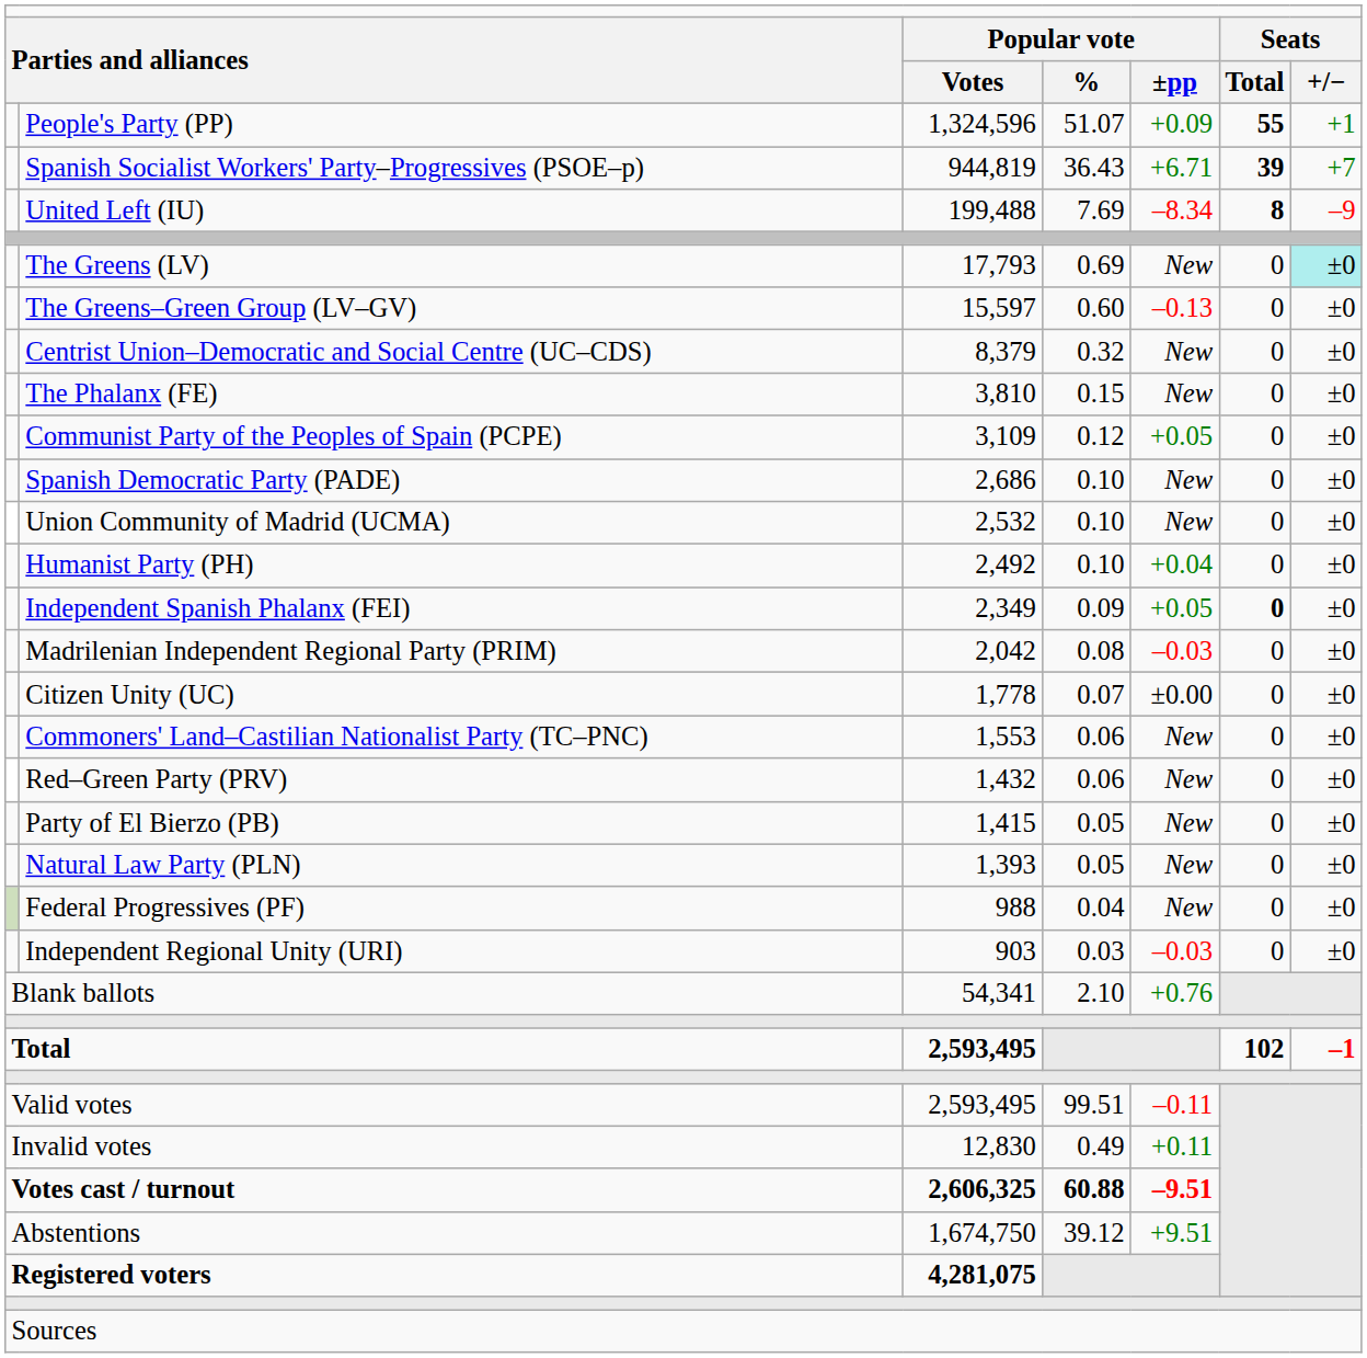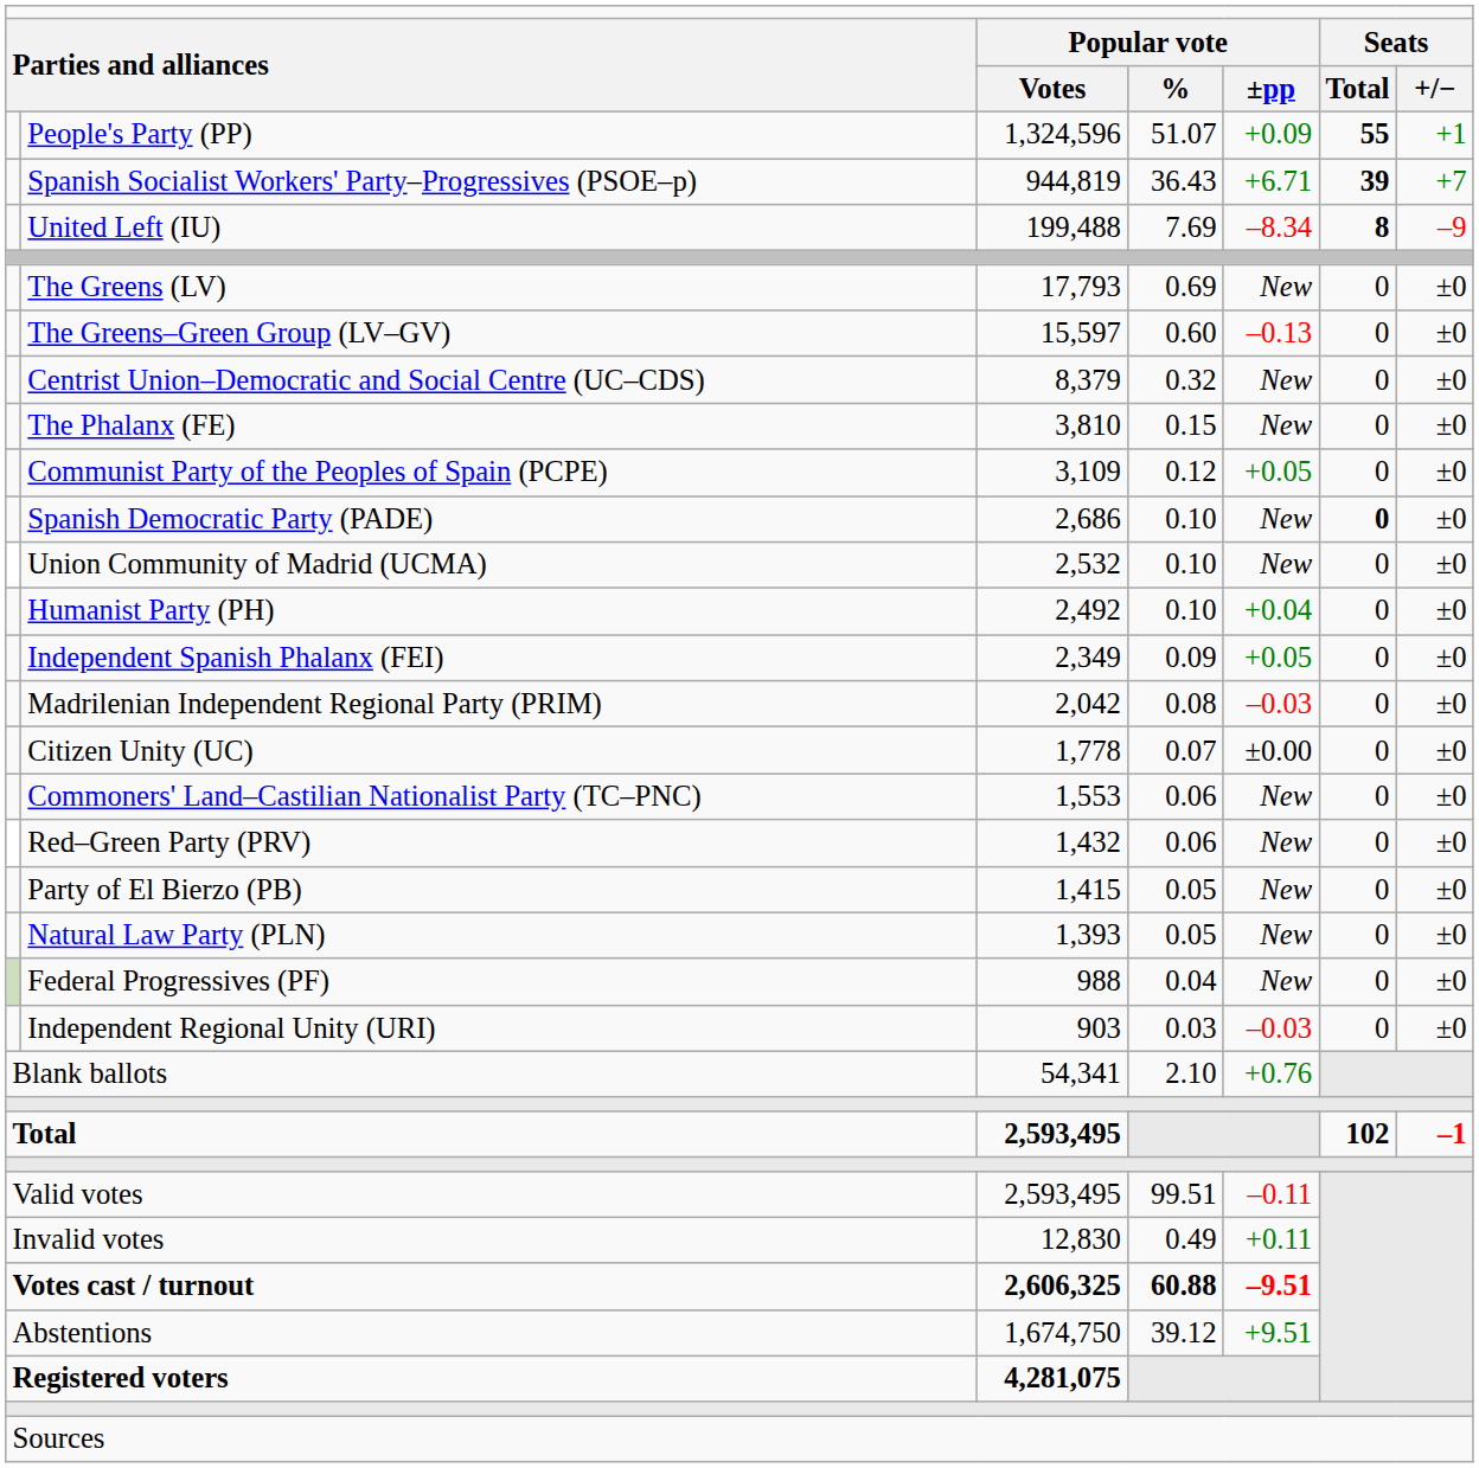 <table class="wikitable" style="text-align:right;">
 <tr>
 <td colspan="7"></td>
 </tr>
 <tr>
 <th style="text-align:left;" rowspan="2" colspan="2" width="525">Parties and alliances</th>
 <th colspan="3">Popular vote</th>
 <th colspan="2">Seats</th>
 </tr>
 <tr>
 <th width="75">Votes</th>
 <th width="45">%</th>
 <th width="45">±<a href='#'>pp</a></th>
 <th width="35">Total</th>
 <th width="35">+/−</th>
 </tr>
 <tr>
 <td width="1" style="color:inherit;background:"></td>
 <td align="left"><a href='#'>People's Party</a> (PP)</td>
 <td>1,324,596</td>
 <td>51.07</td>
 <td style="color:green;">+0.09</td>
 <td><strong>55</strong></td>
 <td style="color:green;">+1</td>
 </tr>
 <tr>
 <td style="color:inherit;background:"></td>
 <td align="left"><a href='#'>Spanish Socialist Workers' Party</a>–<a href='#'>Progressives</a> (PSOE–p)</td>
 <td>944,819</td>
 <td>36.43</td>
 <td style="color:green;">+6.71</td>
 <td><strong>39</strong></td>
 <td style="color:green;">+7</td>
 </tr>
 <tr>
 <td style="color:inherit;background:"></td>
 <td align="left"><a href='#'>United Left</a> (IU)</td>
 <td>199,488</td>
 <td>7.69</td>
 <td style="color:red;">–8.34</td>
 <td><strong>8</strong></td>
 <td style="color:red;">–9</td>
 </tr>
 <tr>
 <td colspan="7" bgcolor="#C0C0C0"></td>
 </tr>
 <tr>
 <td style="color:inherit;background:"></td>
 <td align="left"><a href='#'>The Greens</a> (LV)</td>
 <td>17,793</td>
 <td>0.69</td>
 <td><em>New</em></td>
 <td>0</td>
-<td style="background: paleturquoise;">±0</td>
+<td>±0</td>
 </tr>
 <tr>
 <td style="color:inherit;background:"></td>
 <td align="left"><a href='#'>The Greens–Green Group</a> (LV–GV)</td>
 <td>15,597</td>
 <td>0.60</td>
 <td style="color:red;">–0.13</td>
 <td>0</td>
 <td>±0</td>
 </tr>
 <tr>
 <td style="color:inherit;background:"></td>
 <td align="left"><a href='#'>Centrist Union–Democratic and Social Centre</a> (UC–CDS)</td>
 <td>8,379</td>
 <td>0.32</td>
 <td><em>New</em></td>
 <td>0</td>
 <td>±0</td>
 </tr>
 <tr>
 <td style="color:inherit;background:"></td>
 <td align="left"><a href='#'>The Phalanx</a> (FE)</td>
 <td>3,810</td>
 <td>0.15</td>
 <td><em>New</em></td>
 <td>0</td>
 <td>±0</td>
 </tr>
 <tr>
 <td style="color:inherit;background:"></td>
 <td align="left"><a href='#'>Communist Party of the Peoples of Spain</a> (PCPE)</td>
 <td>3,109</td>
 <td>0.12</td>
 <td style="color:green;">+0.05</td>
 <td>0</td>
 <td>±0</td>
 </tr>
 <tr>
 <td style="color:inherit;background:"></td>
 <td align="left"><a href='#'>Spanish Democratic Party</a> (PADE)</td>
 <td>2,686</td>
 <td>0.10</td>
 <td><em>New</em></td>
-<td>0</td>
+<td><strong>0</strong></td>
 <td>±0</td>
 </tr>
 <tr>
 <td bgcolor="white"></td>
 <td align="left">Union Community of Madrid (UCMA)</td>
 <td>2,532</td>
 <td>0.10</td>
 <td><em>New</em></td>
 <td>0</td>
 <td>±0</td>
 </tr>
 <tr>
 <td style="color:inherit;background:"></td>
 <td align="left"><a href='#'>Humanist Party</a> (PH)</td>
 <td>2,492</td>
 <td>0.10</td>
 <td style="color:green;">+0.04</td>
 <td>0</td>
 <td>±0</td>
 </tr>
 <tr>
 <td style="color:inherit;background:"></td>
 <td align="left"><a href='#'>Independent Spanish Phalanx</a> (FEI)</td>
 <td>2,349</td>
 <td>0.09</td>
 <td style="color:green;">+0.05</td>
-<td><strong>0</strong></td>
+<td>0</td>
 <td>±0</td>
 </tr>
 <tr>
 <td style="color:inherit;background:"></td>
 <td align="left">Madrilenian Independent Regional Party (PRIM)</td>
 <td>2,042</td>
 <td>0.08</td>
 <td style="color:red;">–0.03</td>
 <td>0</td>
 <td>±0</td>
 </tr>
 <tr>
 <td style="color:inherit;background:"></td>
 <td align="left">Citizen Unity (UC)</td>
 <td>1,778</td>
 <td>0.07</td>
 <td>±0.00</td>
 <td>0</td>
 <td>±0</td>
 </tr>
 <tr>
 <td style="color:inherit;background:"></td>
 <td align="left"><a href='#'>Commoners' Land–Castilian Nationalist Party</a> (TC–PNC)</td>
 <td>1,553</td>
 <td>0.06</td>
 <td><em>New</em></td>
 <td>0</td>
 <td>±0</td>
 </tr>
 <tr>
 <td bgcolor="white"></td>
 <td align="left">Red–Green Party (PRV)</td>
 <td>1,432</td>
 <td>0.06</td>
 <td><em>New</em></td>
 <td>0</td>
 <td>±0</td>
 </tr>
 <tr>
 <td style="color:inherit;background:"></td>
 <td align="left">Party of El Bierzo (PB)</td>
 <td>1,415</td>
 <td>0.05</td>
 <td><em>New</em></td>
 <td>0</td>
 <td>±0</td>
 </tr>
 <tr>
 <td style="color:inherit;background:"></td>
 <td align="left"><a href='#'>Natural Law Party</a> (PLN)</td>
 <td>1,393</td>
 <td>0.05</td>
 <td><em>New</em></td>
 <td>0</td>
 <td>±0</td>
 </tr>
 <tr>
 <td style="color:inherit;background:#CEDFBD"></td>
 <td align="left">Federal Progressives (PF)</td>
 <td>988</td>
 <td>0.04</td>
 <td><em>New</em></td>
 <td>0</td>
 <td>±0</td>
 </tr>
 <tr>
 <td style="color:inherit;background:"></td>
 <td align="left">Independent Regional Unity (URI)</td>
 <td>903</td>
 <td>0.03</td>
 <td style="color:red;">–0.03</td>
 <td>0</td>
 <td>±0</td>
 </tr>
 <tr>
 <td align="left" colspan="2">Blank ballots</td>
 <td>54,341</td>
 <td>2.10</td>
 <td style="color:green;">+0.76</td>
 <td bgcolor="#E9E9E9" colspan="2"></td>
 </tr>
 <tr>
 <td colspan="7" bgcolor="#E9E9E9"></td>
 </tr>
 <tr style="font-weight:bold;">
 <td align="left" colspan="2">Total</td>
 <td>2,593,495</td>
 <td bgcolor="#E9E9E9" colspan="2"></td>
 <td>102</td>
 <td style="color:red;">–1</td>
 </tr>
 <tr>
 <td colspan="7" bgcolor="#E9E9E9"></td>
 </tr>
 <tr>
 <td align="left" colspan="2">Valid votes</td>
 <td>2,593,495</td>
 <td>99.51</td>
 <td style="color:red;">–0.11</td>
 <td bgcolor="#E9E9E9" colspan="2" rowspan="5"></td>
 </tr>
 <tr>
 <td align="left" colspan="2">Invalid votes</td>
 <td>12,830</td>
 <td>0.49</td>
 <td style="color:green;">+0.11</td>
 </tr>
 <tr style="font-weight:bold;">
 <td align="left" colspan="2">Votes cast / turnout</td>
 <td>2,606,325</td>
 <td>60.88</td>
 <td style="color:red;">–9.51</td>
 </tr>
 <tr>
 <td align="left" colspan="2">Abstentions</td>
 <td>1,674,750</td>
 <td>39.12</td>
 <td style="color:green;">+9.51</td>
 </tr>
 <tr style="font-weight:bold;">
 <td align="left" colspan="2">Registered voters</td>
 <td>4,281,075</td>
 <td bgcolor="#E9E9E9" colspan="2"></td>
 </tr>
 <tr>
 <td colspan="7" bgcolor="#E9E9E9"></td>
 </tr>
 <tr>
 <td align="left" colspan="7">Sources</td>
 </tr>
 </table>
